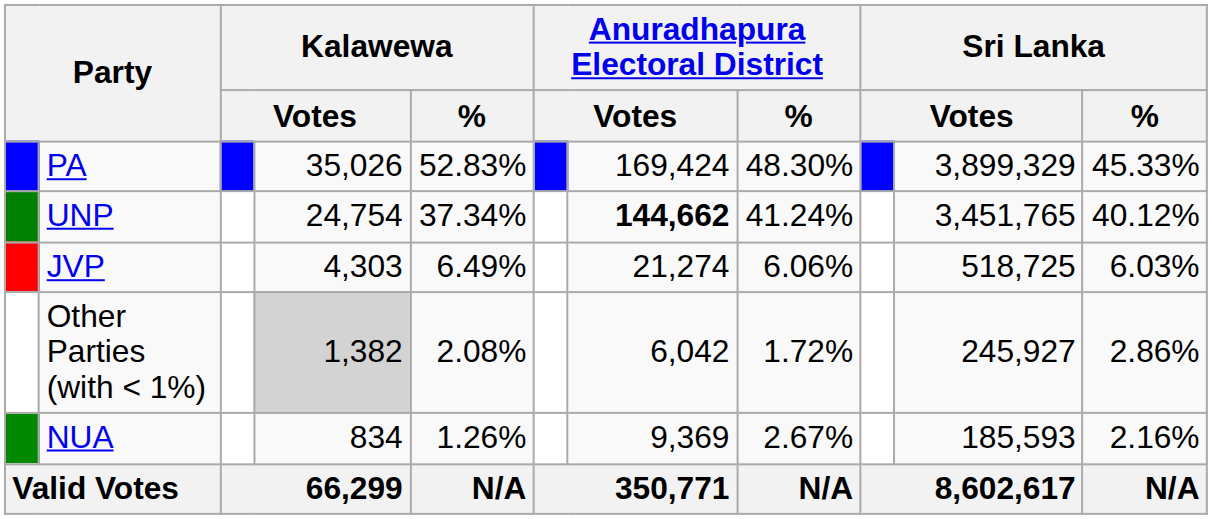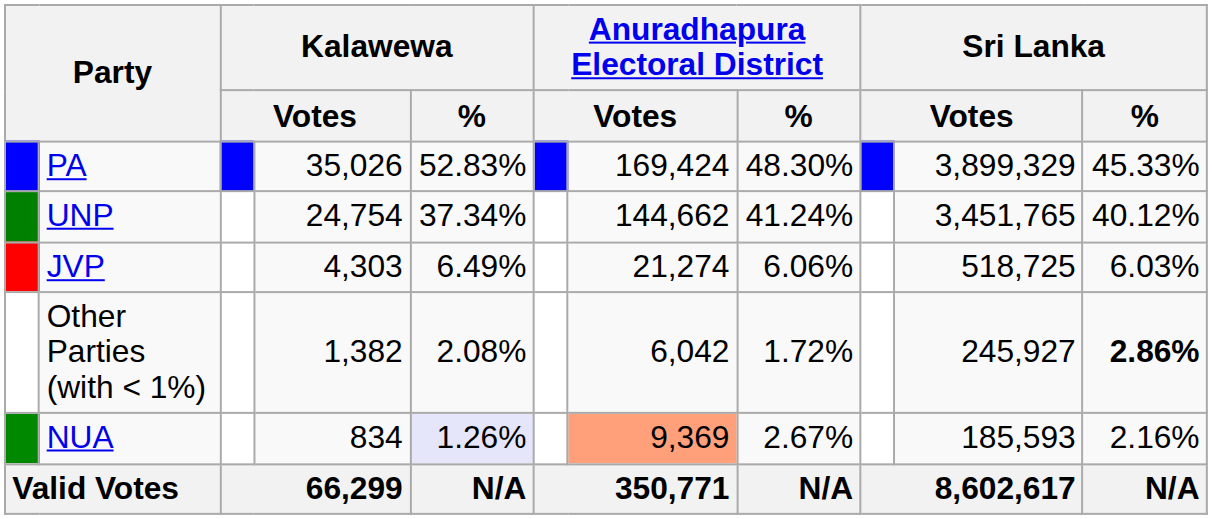 <table class="wikitable">
 <tr>
 <th colspan="2" width="144px"rowspan="2">Party</th>
 <th colspan="3" width="216px">Kalawewa</th>
 <th colspan="3" width="216px"><a href='#'>Anuradhapura Electoral District</a></th>
 <th colspan="3" width="216px">Sri Lanka</th>
 </tr>
 <tr>
 <th colspan="2" width="144px">Votes</th>
 <th>%</th>
 <th colspan="2" width="144px">Votes</th>
 <th>%</th>
 <th colspan="2" width="144px">Votes</th>
 <th>%</th>
 </tr>
 <tr>
 <td style="background-color:blue;" width="10px"></td>
 <td style="text-align:left;"><a href='#'>PA</a></td>
 <td style="background-color:blue;" width="10px"></td>
 <td style="text-align:right;">35,026</td>
 <td style="text-align:right;">52.83%</td>
 <td style="background-color:blue;" width="10px"></td>
 <td style="text-align:right;">169,424</td>
 <td style="text-align:right;">48.30%</td>
 <td style="background-color:blue;" width="10px"></td>
 <td style="text-align:right;">3,899,329</td>
 <td style="text-align:right;">45.33%</td>
 </tr>
 <tr>
 <td style="background-color:green;" width="10px"></td>
 <td style="text-align:left;"><a href='#'>UNP</a></td>
 <td style="background-color:white;" width="10px"></td>
 <td style="text-align:right;">24,754</td>
 <td style="text-align:right;">37.34%</td>
 <td style="background-color:white;" width="10px"></td>
-<td style="text-align:right;"><strong>144,662</strong></td>
+<td style="text-align:right;">144,662</td>
 <td style="text-align:right;">41.24%</td>
 <td style="background-color:white;" width="10px"></td>
 <td style="text-align:right;">3,451,765</td>
 <td style="text-align:right;">40.12%</td>
 </tr>
 <tr>
 <td style="background-color:red;" width="10px"></td>
 <td style="text-align:left;"><a href='#'>JVP</a></td>
 <td style="background-color:white;" width="10px"></td>
 <td style="text-align:right;">4,303</td>
 <td style="text-align:right;">6.49%</td>
 <td style="background-color:white;" width="10px"></td>
 <td style="text-align:right;">21,274</td>
 <td style="text-align:right;">6.06%</td>
 <td style="background-color:white;" width="10px"></td>
 <td style="text-align:right;">518,725</td>
 <td style="text-align:right;">6.03%</td>
 </tr>
 <tr>
 <td style="background-color:white;" width="10px"></td>
 <td style="text-align:left;">Other Parties (with < 1%)</td>
 <td style="background-color:white;" width="10px"></td>
-<td style="background: lightgrey; text-align:right;">1,382</td>
+<td style="text-align:right;">1,382</td>
 <td style="text-align:right;">2.08%</td>
 <td style="background-color:white;" width="10px"></td>
 <td style="text-align:right;">6,042</td>
 <td style="text-align:right;">1.72%</td>
 <td style="background-color:white;" width="10px"></td>
 <td style="text-align:right;">245,927</td>
-<td style="text-align:right;">2.86%</td>
+<td style="text-align:right;"><strong>2.86%</strong></td>
 </tr>
 <tr>
 <td style="background-color:#008800;" width="10px"></td>
 <td style="text-align:left;"><a href='#'>NUA</a></td>
 <td style="background-color:white;" width="10px"></td>
 <td style="text-align:right;">834</td>
-<td style="text-align:right;">1.26%</td>
+<td style="background: lavender; text-align:right;">1.26%</td>
 <td style="background-color:white;" width="10px"></td>
-<td style="text-align:right;">9,369</td>
+<td style="background: lightsalmon; text-align:right;">9,369</td>
 <td style="text-align:right;">2.67%</td>
 <td style="background-color:white;" width="10px"></td>
 <td style="text-align:right;">185,593</td>
 <td style="text-align:right;">2.16%</td>
 </tr>
 <tr>
 <th colspan="2" width="144px"style="text-align:left;">Valid Votes</th>
 <th style="text-align:right;"colspan="2" width="144px">66,299</th>
 <th style="text-align:right;">N/A</th>
 <th style="text-align:right;"colspan="2" width="144px">350,771</th>
 <th style="text-align:right;">N/A</th>
 <th style="text-align:right;"colspan="2" width="144px">8,602,617</th>
 <th style="text-align:right;">N/A</th>
 </tr>
 </table>
